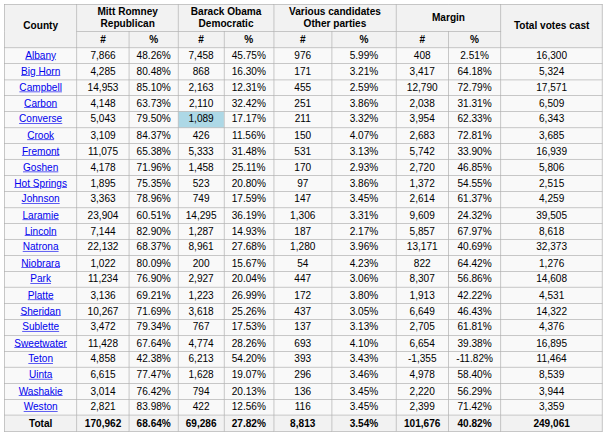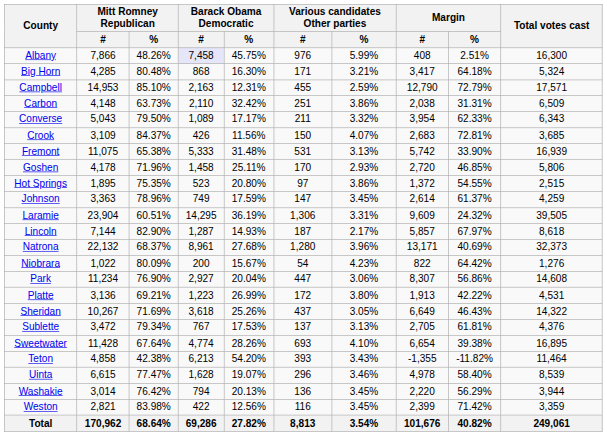 <table width="60%" class="wikitable sortable" style="text-align:center">
 <tr>
 <th style="text-align:center;" rowspan="2">County</th>
 <th style="text-align:center;" colspan="2">Mitt Romney<br>Republican</th>
 <th style="text-align:center;" colspan="2">Barack Obama<br>Democratic</th>
 <th style="text-align:center;" colspan="2">Various candidates<br>Other parties</th>
 <th style="text-align:center;" colspan="2">Margin</th>
 <th style="text-align:center;" rowspan="2" style="text-align:center;">Total votes cast</th>
 </tr>
 <tr>
 <th style="text-align:center;" data-sort-type="number">#</th>
 <th style="text-align:center;" data-sort-type="number">%</th>
 <th style="text-align:center;" data-sort-type="number">#</th>
 <th style="text-align:center;" data-sort-type="number">%</th>
 <th style="text-align:center;" data-sort-type="number">#</th>
 <th style="text-align:center;" data-sort-type="number">%</th>
 <th style="text-align:center;" data-sort-type="number">#</th>
 <th style="text-align:center;" data-sort-type="number">%</th>
 </tr>
 <tr style="text-align:center;">
 <td><a href='#'>Albany</a></td>
 <td>7,866</td>
 <td>48.26%</td>
-<td>7,458</td>
+<td style="background: lavender;">7,458</td>
 <td>45.75%</td>
 <td>976</td>
 <td>5.99%</td>
 <td>408</td>
 <td>2.51%</td>
 <td>16,300</td>
 </tr>
 <tr style="text-align:center;">
 <td><a href='#'>Big Horn</a></td>
 <td>4,285</td>
 <td>80.48%</td>
 <td>868</td>
 <td>16.30%</td>
 <td>171</td>
 <td>3.21%</td>
 <td>3,417</td>
 <td>64.18%</td>
 <td>5,324</td>
 </tr>
 <tr style="text-align:center;">
 <td><a href='#'>Campbell</a></td>
 <td>14,953</td>
 <td>85.10%</td>
 <td>2,163</td>
 <td>12.31%</td>
 <td>455</td>
 <td>2.59%</td>
 <td>12,790</td>
 <td>72.79%</td>
 <td>17,571</td>
 </tr>
 <tr style="text-align:center;">
 <td><a href='#'>Carbon</a></td>
 <td>4,148</td>
 <td>63.73%</td>
 <td>2,110</td>
 <td>32.42%</td>
 <td>251</td>
 <td>3.86%</td>
 <td>2,038</td>
 <td>31.31%</td>
 <td>6,509</td>
 </tr>
 <tr style="text-align:center;">
 <td><a href='#'>Converse</a></td>
 <td>5,043</td>
 <td>79.50%</td>
-<td style="background: lightblue;">1,089</td>
+<td>1,089</td>
 <td>17.17%</td>
 <td>211</td>
 <td>3.32%</td>
 <td>3,954</td>
 <td>62.33%</td>
 <td>6,343</td>
 </tr>
 <tr style="text-align:center;">
 <td><a href='#'>Crook</a></td>
 <td>3,109</td>
 <td>84.37%</td>
 <td>426</td>
 <td>11.56%</td>
 <td>150</td>
 <td>4.07%</td>
 <td>2,683</td>
 <td>72.81%</td>
 <td>3,685</td>
 </tr>
 <tr style="text-align:center;">
 <td><a href='#'>Fremont</a></td>
 <td>11,075</td>
 <td>65.38%</td>
 <td>5,333</td>
 <td>31.48%</td>
 <td>531</td>
 <td>3.13%</td>
 <td>5,742</td>
 <td>33.90%</td>
 <td>16,939</td>
 </tr>
 <tr style="text-align:center;">
 <td><a href='#'>Goshen</a></td>
 <td>4,178</td>
 <td>71.96%</td>
 <td>1,458</td>
 <td>25.11%</td>
 <td>170</td>
 <td>2.93%</td>
 <td>2,720</td>
 <td>46.85%</td>
 <td>5,806</td>
 </tr>
 <tr style="text-align:center;">
 <td><a href='#'>Hot Springs</a></td>
 <td>1,895</td>
 <td>75.35%</td>
 <td>523</td>
 <td>20.80%</td>
 <td>97</td>
 <td>3.86%</td>
 <td>1,372</td>
 <td>54.55%</td>
 <td>2,515</td>
 </tr>
 <tr style="text-align:center;">
 <td><a href='#'>Johnson</a></td>
 <td>3,363</td>
 <td>78.96%</td>
 <td>749</td>
 <td>17.59%</td>
 <td>147</td>
 <td>3.45%</td>
 <td>2,614</td>
 <td>61.37%</td>
 <td>4,259</td>
 </tr>
 <tr style="text-align:center;">
 <td><a href='#'>Laramie</a></td>
 <td>23,904</td>
 <td>60.51%</td>
 <td>14,295</td>
 <td>36.19%</td>
 <td>1,306</td>
 <td>3.31%</td>
 <td>9,609</td>
 <td>24.32%</td>
 <td>39,505</td>
 </tr>
 <tr style="text-align:center;">
 <td><a href='#'>Lincoln</a></td>
 <td>7,144</td>
 <td>82.90%</td>
 <td>1,287</td>
 <td>14.93%</td>
 <td>187</td>
 <td>2.17%</td>
 <td>5,857</td>
 <td>67.97%</td>
 <td>8,618</td>
 </tr>
 <tr style="text-align:center;">
 <td><a href='#'>Natrona</a></td>
 <td>22,132</td>
 <td>68.37%</td>
 <td>8,961</td>
 <td>27.68%</td>
 <td>1,280</td>
 <td>3.96%</td>
 <td>13,171</td>
 <td>40.69%</td>
 <td>32,373</td>
 </tr>
 <tr style="text-align:center;">
 <td><a href='#'>Niobrara</a></td>
 <td>1,022</td>
 <td>80.09%</td>
 <td>200</td>
 <td>15.67%</td>
 <td>54</td>
 <td>4.23%</td>
 <td>822</td>
 <td>64.42%</td>
 <td>1,276</td>
 </tr>
 <tr style="text-align:center;">
 <td><a href='#'>Park</a></td>
 <td>11,234</td>
 <td>76.90%</td>
 <td>2,927</td>
 <td>20.04%</td>
 <td>447</td>
 <td>3.06%</td>
 <td>8,307</td>
 <td>56.86%</td>
 <td>14,608</td>
 </tr>
 <tr style="text-align:center;">
 <td><a href='#'>Platte</a></td>
 <td>3,136</td>
 <td>69.21%</td>
 <td>1,223</td>
 <td>26.99%</td>
 <td>172</td>
 <td>3.80%</td>
 <td>1,913</td>
 <td>42.22%</td>
 <td>4,531</td>
 </tr>
 <tr style="text-align:center;">
 <td><a href='#'>Sheridan</a></td>
 <td>10,267</td>
 <td>71.69%</td>
 <td>3,618</td>
 <td>25.26%</td>
 <td>437</td>
 <td>3.05%</td>
 <td>6,649</td>
 <td>46.43%</td>
 <td>14,322</td>
 </tr>
 <tr style="text-align:center;">
 <td><a href='#'>Sublette</a></td>
 <td>3,472</td>
 <td>79.34%</td>
 <td>767</td>
 <td>17.53%</td>
 <td>137</td>
 <td>3.13%</td>
 <td>2,705</td>
 <td>61.81%</td>
 <td>4,376</td>
 </tr>
 <tr style="text-align:center;">
 <td><a href='#'>Sweetwater</a></td>
 <td>11,428</td>
 <td>67.64%</td>
 <td>4,774</td>
 <td>28.26%</td>
 <td>693</td>
 <td>4.10%</td>
 <td>6,654</td>
 <td>39.38%</td>
 <td>16,895</td>
 </tr>
 <tr style="text-align:center;">
 <td><a href='#'>Teton</a></td>
 <td>4,858</td>
 <td>42.38%</td>
 <td>6,213</td>
 <td>54.20%</td>
 <td>393</td>
 <td>3.43%</td>
 <td>-1,355</td>
 <td>-11.82%</td>
 <td>11,464</td>
 </tr>
 <tr style="text-align:center;">
 <td><a href='#'>Uinta</a></td>
 <td>6,615</td>
 <td>77.47%</td>
 <td>1,628</td>
 <td>19.07%</td>
 <td>296</td>
 <td>3.46%</td>
 <td>4,978</td>
 <td>58.40%</td>
 <td>8,539</td>
 </tr>
 <tr style="text-align:center;">
 <td><a href='#'>Washakie</a></td>
 <td>3,014</td>
 <td>76.42%</td>
 <td>794</td>
 <td>20.13%</td>
 <td>136</td>
 <td>3.45%</td>
 <td>2,220</td>
 <td>56.29%</td>
 <td>3,944</td>
 </tr>
 <tr style="text-align:center;">
 <td><a href='#'>Weston</a></td>
 <td>2,821</td>
 <td>83.98%</td>
 <td>422</td>
 <td>12.56%</td>
 <td>116</td>
 <td>3.45%</td>
 <td>2,399</td>
 <td>71.42%</td>
 <td>3,359</td>
 </tr>
 <tr style="text-align:center;">
 <th>Total</th>
 <th>170,962</th>
 <th>68.64%</th>
 <th>69,286</th>
 <th>27.82%</th>
 <th>8,813</th>
 <th>3.54%</th>
 <th>101,676</th>
 <th>40.82%</th>
 <th>249,061</th>
 </tr>
 </table>
